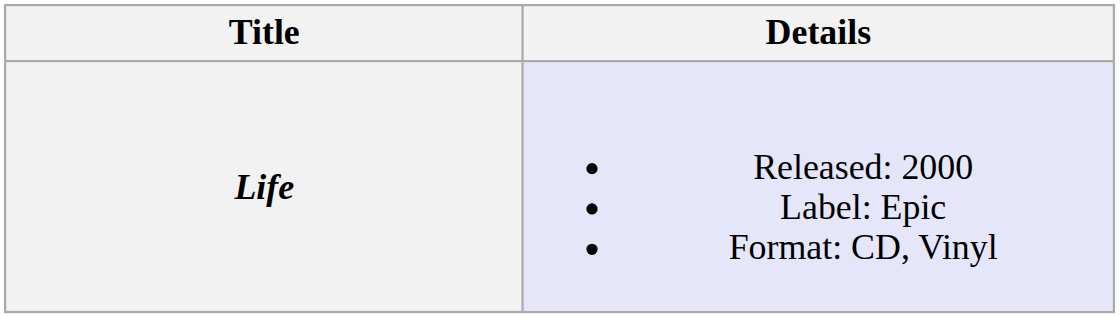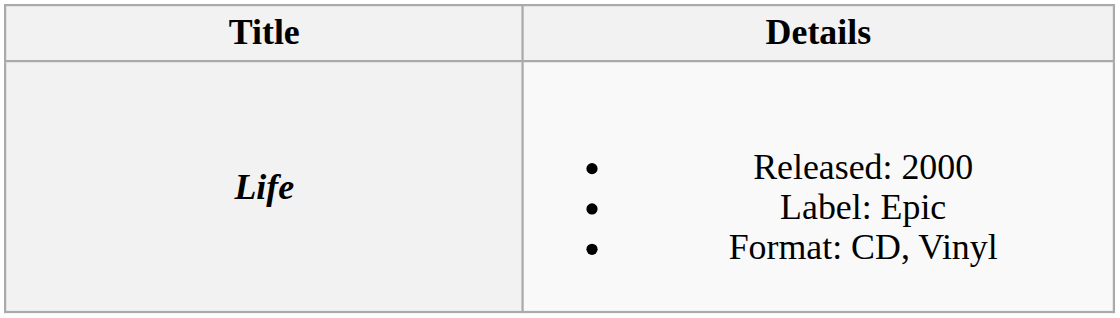 <table class="wikitable plainrowheaders" style="text-align:center;">
 <tr>
 <th scope="col" style="width:14em;">Title</th>
 <th scope="col" style="width:16em;">Details</th>
 </tr>
 <tr>
 <th scope="row"><em>Life </em></th>
-<td style="background: lavender;"><br><ul><li>Released: 2000</li><li>Label: Epic</li><li>Format: CD, Vinyl</li></ul></td>
+<td><br><ul><li>Released: 2000</li><li>Label: Epic</li><li>Format: CD, Vinyl</li></ul></td>
 </tr>
 </table>
